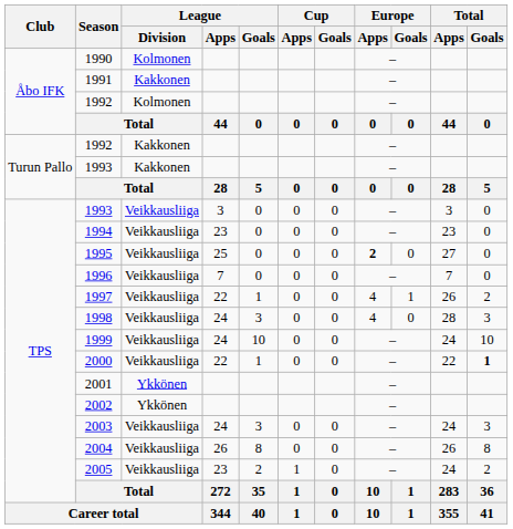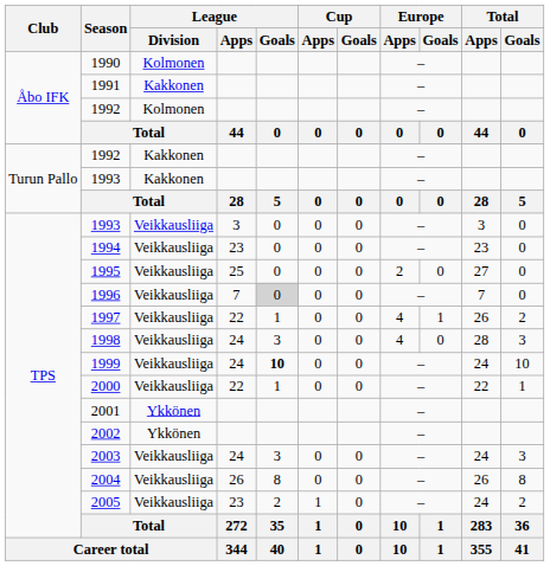 <table class="wikitable" style="text-align:center">
 <tr>
 <th rowspan="2">Club</th>
 <th rowspan="2">Season</th>
 <th colspan="3">League</th>
 <th colspan="2">Cup</th>
 <th colspan="2">Europe</th>
 <th colspan="2">Total</th>
 </tr>
 <tr>
 <th>Division</th>
 <th>Apps</th>
 <th>Goals</th>
 <th>Apps</th>
 <th>Goals</th>
 <th>Apps</th>
 <th>Goals</th>
 <th>Apps</th>
 <th>Goals</th>
 </tr>
 <tr>
 <td rowspan=4><a href='#'>Åbo IFK</a></td>
 <td>1990</td>
 <td><a href='#'>Kolmonen</a></td>
 <td></td>
 <td></td>
 <td></td>
 <td></td>
 <td colspan="2">–</td>
 <td></td>
 <td></td>
 </tr>
 <tr>
 <td>1991</td>
 <td><a href='#'>Kakkonen</a></td>
 <td></td>
 <td></td>
 <td></td>
 <td></td>
 <td colspan="2">–</td>
 <td></td>
 <td></td>
 </tr>
 <tr>
 <td>1992</td>
 <td>Kolmonen</td>
 <td></td>
 <td></td>
 <td></td>
 <td></td>
 <td colspan="2">–</td>
 <td></td>
 <td></td>
 </tr>
 <tr>
 <th colspan="2">Total</th>
 <th>44</th>
 <th>0</th>
 <th>0</th>
 <th>0</th>
 <th>0</th>
 <th>0</th>
 <th>44</th>
 <th>0</th>
 </tr>
 <tr>
 <td rowspan=3>Turun Pallo</td>
 <td>1992</td>
 <td>Kakkonen</td>
 <td></td>
 <td></td>
 <td></td>
 <td></td>
 <td colspan="2">–</td>
 <td></td>
 <td></td>
 </tr>
 <tr>
 <td>1993</td>
 <td>Kakkonen</td>
 <td></td>
 <td></td>
 <td></td>
 <td></td>
 <td colspan="2">–</td>
 <td></td>
 <td></td>
 </tr>
 <tr>
 <th colspan="2">Total</th>
 <th>28</th>
 <th>5</th>
 <th>0</th>
 <th>0</th>
 <th>0</th>
 <th>0</th>
 <th>28</th>
 <th>5</th>
 </tr>
 <tr>
 <td rowspan="14"><a href='#'>TPS</a></td>
 <td><a href='#'>1993</a></td>
 <td><a href='#'>Veikkausliiga</a></td>
 <td>3</td>
 <td>0</td>
 <td>0</td>
 <td>0</td>
 <td colspan="2">–</td>
 <td>3</td>
 <td>0</td>
 </tr>
 <tr>
 <td><a href='#'>1994</a></td>
 <td>Veikkausliiga</td>
 <td>23</td>
 <td>0</td>
 <td>0</td>
 <td>0</td>
 <td colspan="2">–</td>
 <td>23</td>
 <td>0</td>
 </tr>
 <tr>
 <td><a href='#'>1995</a></td>
 <td>Veikkausliiga</td>
 <td>25</td>
 <td>0</td>
 <td>0</td>
 <td>0</td>
-<td><strong>2</strong></td>
+<td>2</td>
 <td>0</td>
 <td>27</td>
 <td>0</td>
 </tr>
 <tr>
 <td><a href='#'>1996</a></td>
 <td>Veikkausliiga</td>
 <td>7</td>
-<td>0</td>
+<td style="background: lightgrey;">0</td>
 <td>0</td>
 <td>0</td>
 <td colspan="2">–</td>
 <td>7</td>
 <td>0</td>
 </tr>
 <tr>
 <td><a href='#'>1997</a></td>
 <td>Veikkausliiga</td>
 <td>22</td>
 <td>1</td>
 <td>0</td>
 <td>0</td>
 <td>4</td>
 <td>1</td>
 <td>26</td>
 <td>2</td>
 </tr>
 <tr>
 <td><a href='#'>1998</a></td>
 <td>Veikkausliiga</td>
 <td>24</td>
 <td>3</td>
 <td>0</td>
 <td>0</td>
 <td>4</td>
 <td>0</td>
 <td>28</td>
 <td>3</td>
 </tr>
 <tr>
 <td><a href='#'>1999</a></td>
 <td>Veikkausliiga</td>
 <td>24</td>
-<td>10</td>
+<td><strong>10</strong></td>
 <td>0</td>
 <td>0</td>
 <td colspan="2">–</td>
 <td>24</td>
 <td>10</td>
 </tr>
 <tr>
 <td><a href='#'>2000</a></td>
 <td>Veikkausliiga</td>
 <td>22</td>
 <td>1</td>
 <td>0</td>
 <td>0</td>
 <td colspan="2">–</td>
 <td>22</td>
-<td><strong>1</strong></td>
+<td>1</td>
 </tr>
 <tr>
 <td>2001</td>
 <td><a href='#'>Ykkönen</a></td>
 <td></td>
 <td></td>
 <td></td>
 <td></td>
 <td colspan="2">–</td>
 <td></td>
 <td></td>
 </tr>
 <tr>
 <td><a href='#'>2002</a></td>
 <td>Ykkönen</td>
 <td></td>
 <td></td>
 <td></td>
 <td></td>
 <td colspan="2">–</td>
 <td></td>
 <td></td>
 </tr>
 <tr>
 <td><a href='#'>2003</a></td>
 <td>Veikkausliiga</td>
 <td>24</td>
 <td>3</td>
 <td>0</td>
 <td>0</td>
 <td colspan="2">–</td>
 <td>24</td>
 <td>3</td>
 </tr>
 <tr>
 <td><a href='#'>2004</a></td>
 <td>Veikkausliiga</td>
 <td>26</td>
 <td>8</td>
 <td>0</td>
 <td>0</td>
 <td colspan="2">–</td>
 <td>26</td>
 <td>8</td>
 </tr>
 <tr>
 <td><a href='#'>2005</a></td>
 <td>Veikkausliiga</td>
 <td>23</td>
 <td>2</td>
 <td>1</td>
 <td>0</td>
 <td colspan="2">–</td>
 <td>24</td>
 <td>2</td>
 </tr>
 <tr>
 <th colspan="2">Total</th>
 <th>272</th>
 <th>35</th>
 <th>1</th>
 <th>0</th>
 <th>10</th>
 <th>1</th>
 <th>283</th>
 <th>36</th>
 </tr>
 <tr>
 <th colspan="3">Career total</th>
 <th>344</th>
 <th>40</th>
 <th>1</th>
 <th>0</th>
 <th>10</th>
 <th>1</th>
 <th>355</th>
 <th>41</th>
 </tr>
 </table>
